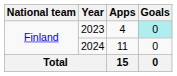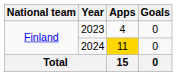 <table class="wikitable" style="text-align:center">
 <tr>
 <th>National team</th>
 <th>Year</th>
 <th>Apps</th>
 <th>Goals</th>
 </tr>
 <tr>
 <td rowspan="2"><a href='#'>Finland</a></td>
 <td>2023</td>
 <td>4</td>
-<td style="background: paleturquoise;">0</td>
+<td>0</td>
 </tr>
 <tr>
 <td>2024</td>
-<td>11</td>
+<td style="background: gold;">11</td>
 <td>0</td>
 </tr>
 <tr>
 <th colspan="2">Total</th>
 <th>15</th>
 <th>0</th>
 </tr>
 </table>
